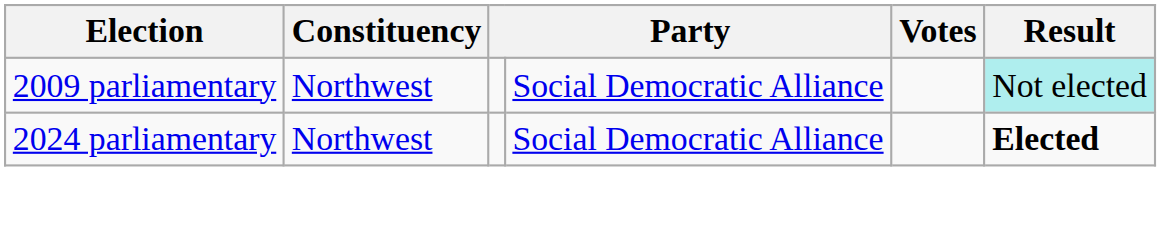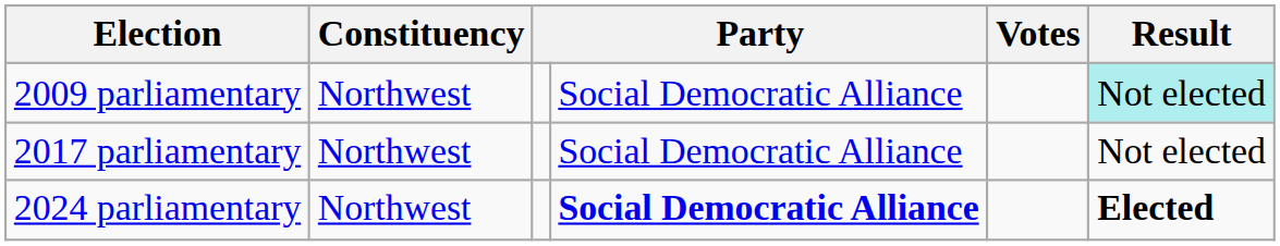 <table class="wikitable" style="text-align:left;">
 <tr>
 <th scope=col>Election</th>
 <th scope=col>Constituency</th>
 <th scope=col colspan="2">Party</th>
 <th scope=col>Votes</th>
 <th scope=col>Result</th>
 </tr>
 <tr>
 <td><a href='#'>2009 parliamentary</a></td>
 <td><a href='#'>Northwest</a></td>
 <td style="background:"></td>
 <td><a href='#'>Social Democratic Alliance</a></td>
 <td align=right></td>
 <td style="background: paleturquoise;">Not elected</td>
 </tr>
 <tr>
-<td><a href='#'>2024 parliamentary</a></td>
+<td><a href='#'>2017 parliamentary</a></td>
 <td><a href='#'>Northwest</a></td>
 <td style="background:"></td>
 <td><a href='#'>Social Democratic Alliance</a></td>
 <td align=right></td>
+<td>Not elected</td>
+</tr>
+<tr>
+<td><a href='#'>2024 parliamentary</a></td>
+<td><a href='#'>Northwest</a></td>
+<td style="background:"></td>
+<td><strong><a href='#'>Social Democratic Alliance</a></strong></td>
+<td align=right></td>
 <td><strong>Elected</strong></td>
 </tr>
 </table>
